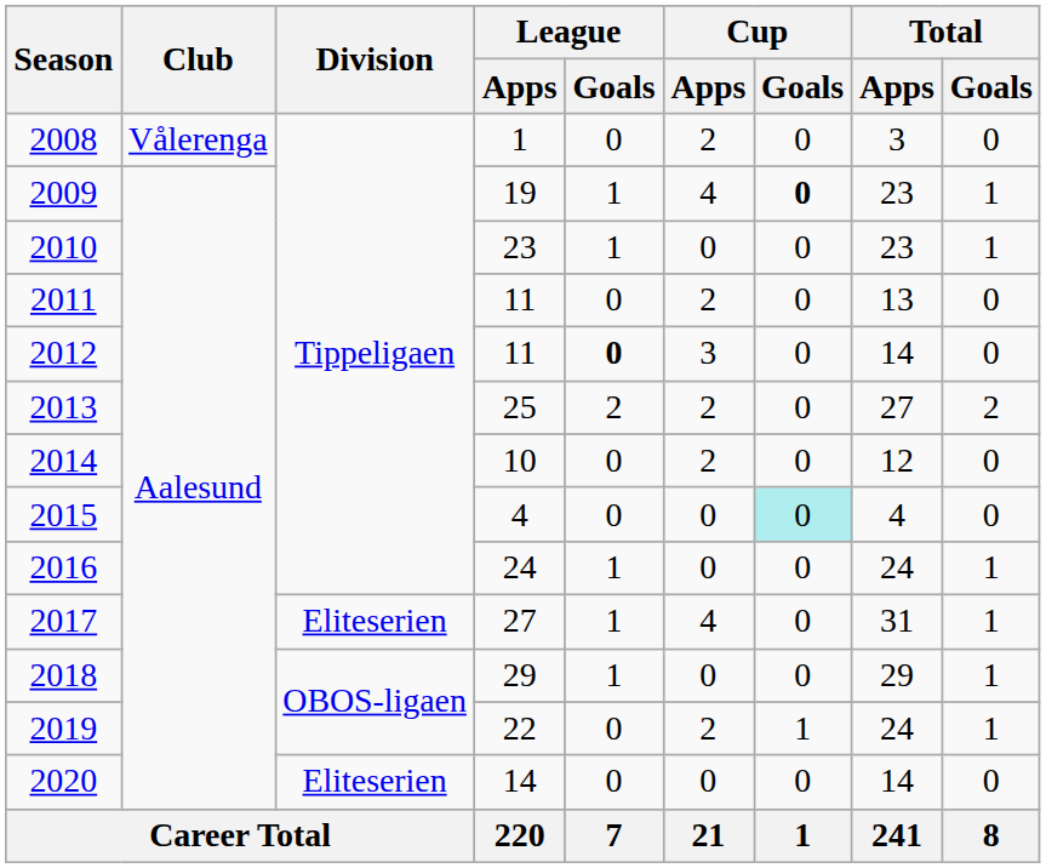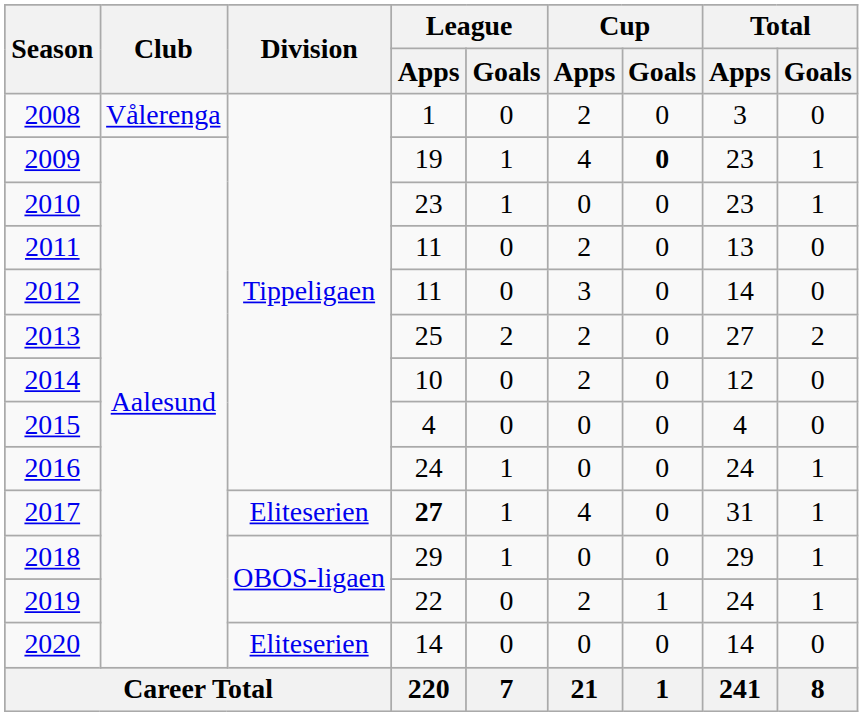 <table class="wikitable" style="text-align: center;">
 <tr>
 <th rowspan="2">Season</th>
 <th rowspan="2">Club</th>
 <th rowspan="2">Division</th>
 <th colspan="2">League</th>
 <th colspan="2">Cup</th>
 <th colspan="2">Total</th>
 </tr>
 <tr>
 <th>Apps</th>
 <th>Goals</th>
 <th>Apps</th>
 <th>Goals</th>
 <th>Apps</th>
 <th>Goals</th>
 </tr>
 <tr>
 <td><a href='#'>2008</a></td>
 <td rowspan="1" valign="center"><a href='#'>Vålerenga</a></td>
 <td rowspan="9" valign="center"><a href='#'>Tippeligaen</a></td>
 <td>1</td>
 <td>0</td>
 <td>2</td>
 <td>0</td>
 <td>3</td>
 <td>0</td>
 </tr>
 <tr>
 <td><a href='#'>2009</a></td>
 <td rowspan="12" valign="center"><a href='#'>Aalesund</a></td>
 <td>19</td>
 <td>1</td>
 <td>4</td>
 <td><strong>0</strong></td>
 <td>23</td>
 <td>1</td>
 </tr>
 <tr>
 <td><a href='#'>2010</a></td>
 <td>23</td>
 <td>1</td>
 <td>0</td>
 <td>0</td>
 <td>23</td>
 <td>1</td>
 </tr>
 <tr>
 <td><a href='#'>2011</a></td>
 <td>11</td>
 <td>0</td>
 <td>2</td>
 <td>0</td>
 <td>13</td>
 <td>0</td>
 </tr>
 <tr>
 <td><a href='#'>2012</a></td>
 <td>11</td>
-<td><strong>0</strong></td>
+<td>0</td>
 <td>3</td>
 <td>0</td>
 <td>14</td>
 <td>0</td>
 </tr>
 <tr>
 <td><a href='#'>2013</a></td>
 <td>25</td>
 <td>2</td>
 <td>2</td>
 <td>0</td>
 <td>27</td>
 <td>2</td>
 </tr>
 <tr>
 <td><a href='#'>2014</a></td>
 <td>10</td>
 <td>0</td>
 <td>2</td>
 <td>0</td>
 <td>12</td>
 <td>0</td>
 </tr>
 <tr>
 <td><a href='#'>2015</a></td>
 <td>4</td>
 <td>0</td>
 <td>0</td>
-<td style="background: paleturquoise;">0</td>
+<td>0</td>
 <td>4</td>
 <td>0</td>
 </tr>
 <tr>
 <td><a href='#'>2016</a></td>
 <td>24</td>
 <td>1</td>
 <td>0</td>
 <td>0</td>
 <td>24</td>
 <td>1</td>
 </tr>
 <tr>
 <td><a href='#'>2017</a></td>
 <td rowspan="1" valign="center"><a href='#'>Eliteserien</a></td>
-<td>27</td>
+<td><strong>27</strong></td>
 <td>1</td>
 <td>4</td>
 <td>0</td>
 <td>31</td>
 <td>1</td>
 </tr>
 <tr>
 <td><a href='#'>2018</a></td>
 <td rowspan="2" valign="center"><a href='#'>OBOS-ligaen</a></td>
 <td>29</td>
 <td>1</td>
 <td>0</td>
 <td>0</td>
 <td>29</td>
 <td>1</td>
 </tr>
 <tr>
 <td><a href='#'>2019</a></td>
 <td>22</td>
 <td>0</td>
 <td>2</td>
 <td>1</td>
 <td>24</td>
 <td>1</td>
 </tr>
 <tr>
 <td><a href='#'>2020</a></td>
 <td rowspan="1" valign="center"><a href='#'>Eliteserien</a></td>
 <td>14</td>
 <td>0</td>
 <td>0</td>
 <td>0</td>
 <td>14</td>
 <td>0</td>
 </tr>
 <tr>
 <th colspan="3">Career Total</th>
 <th>220</th>
 <th>7</th>
 <th>21</th>
 <th>1</th>
 <th>241</th>
 <th>8</th>
 </tr>
 </table>
